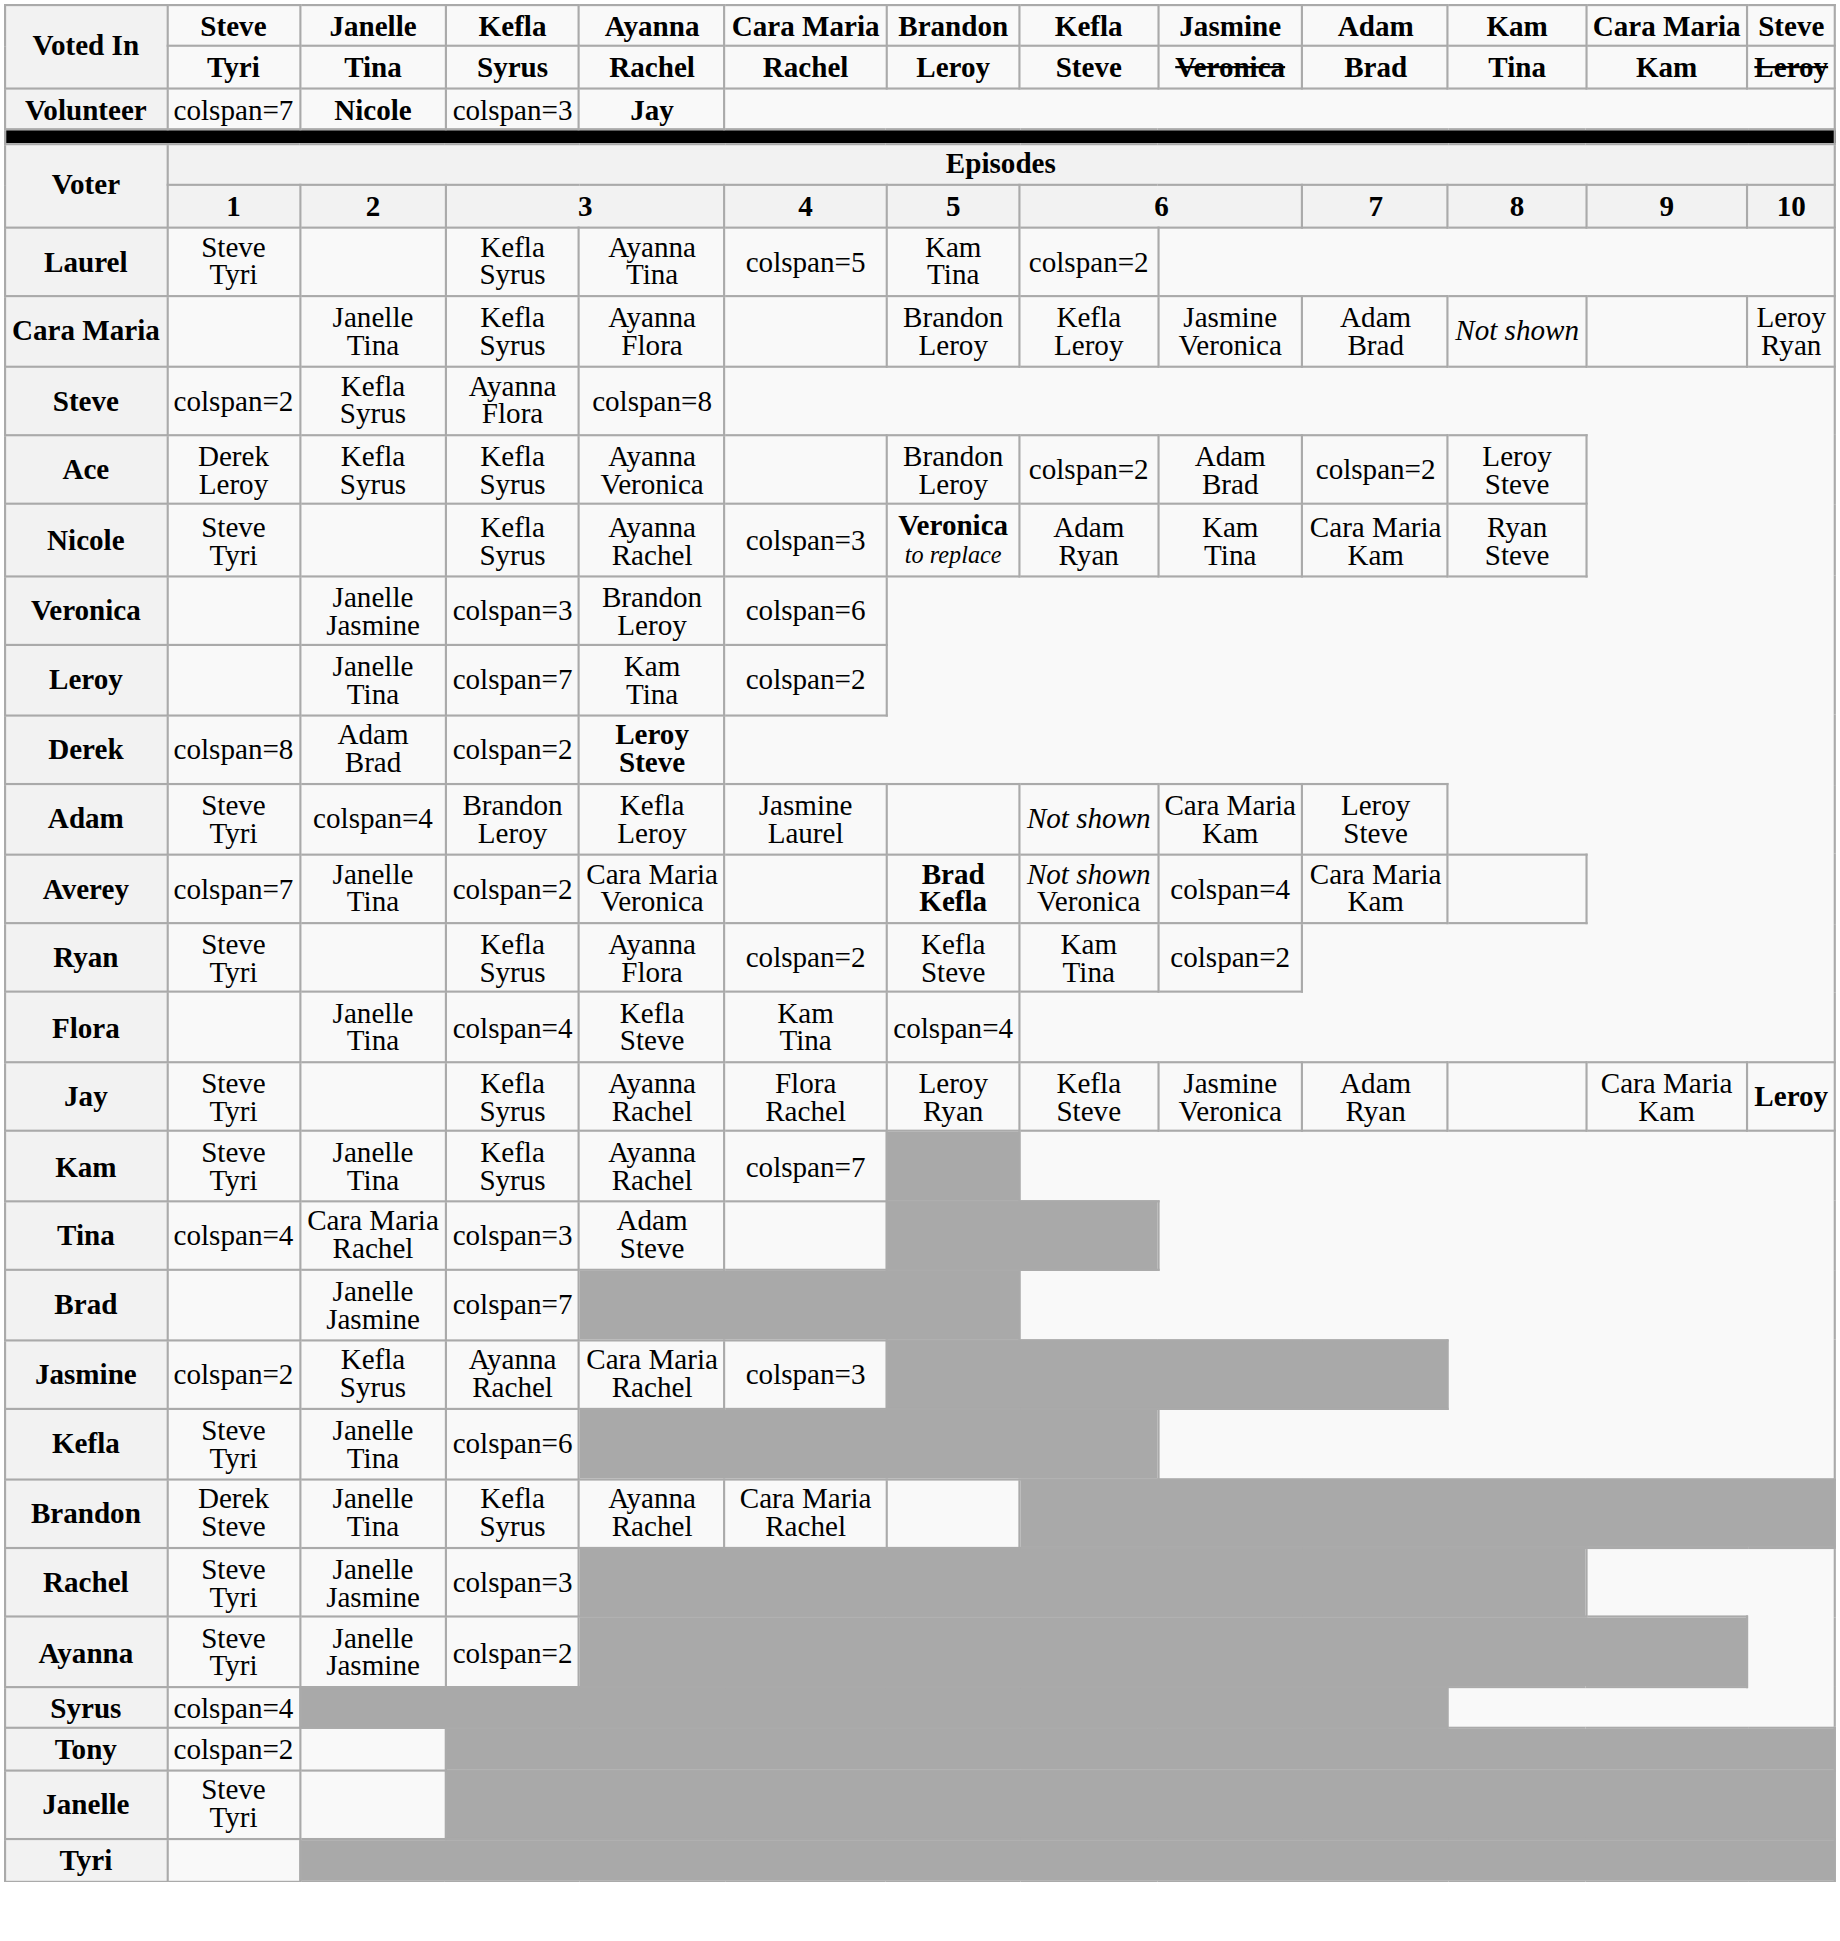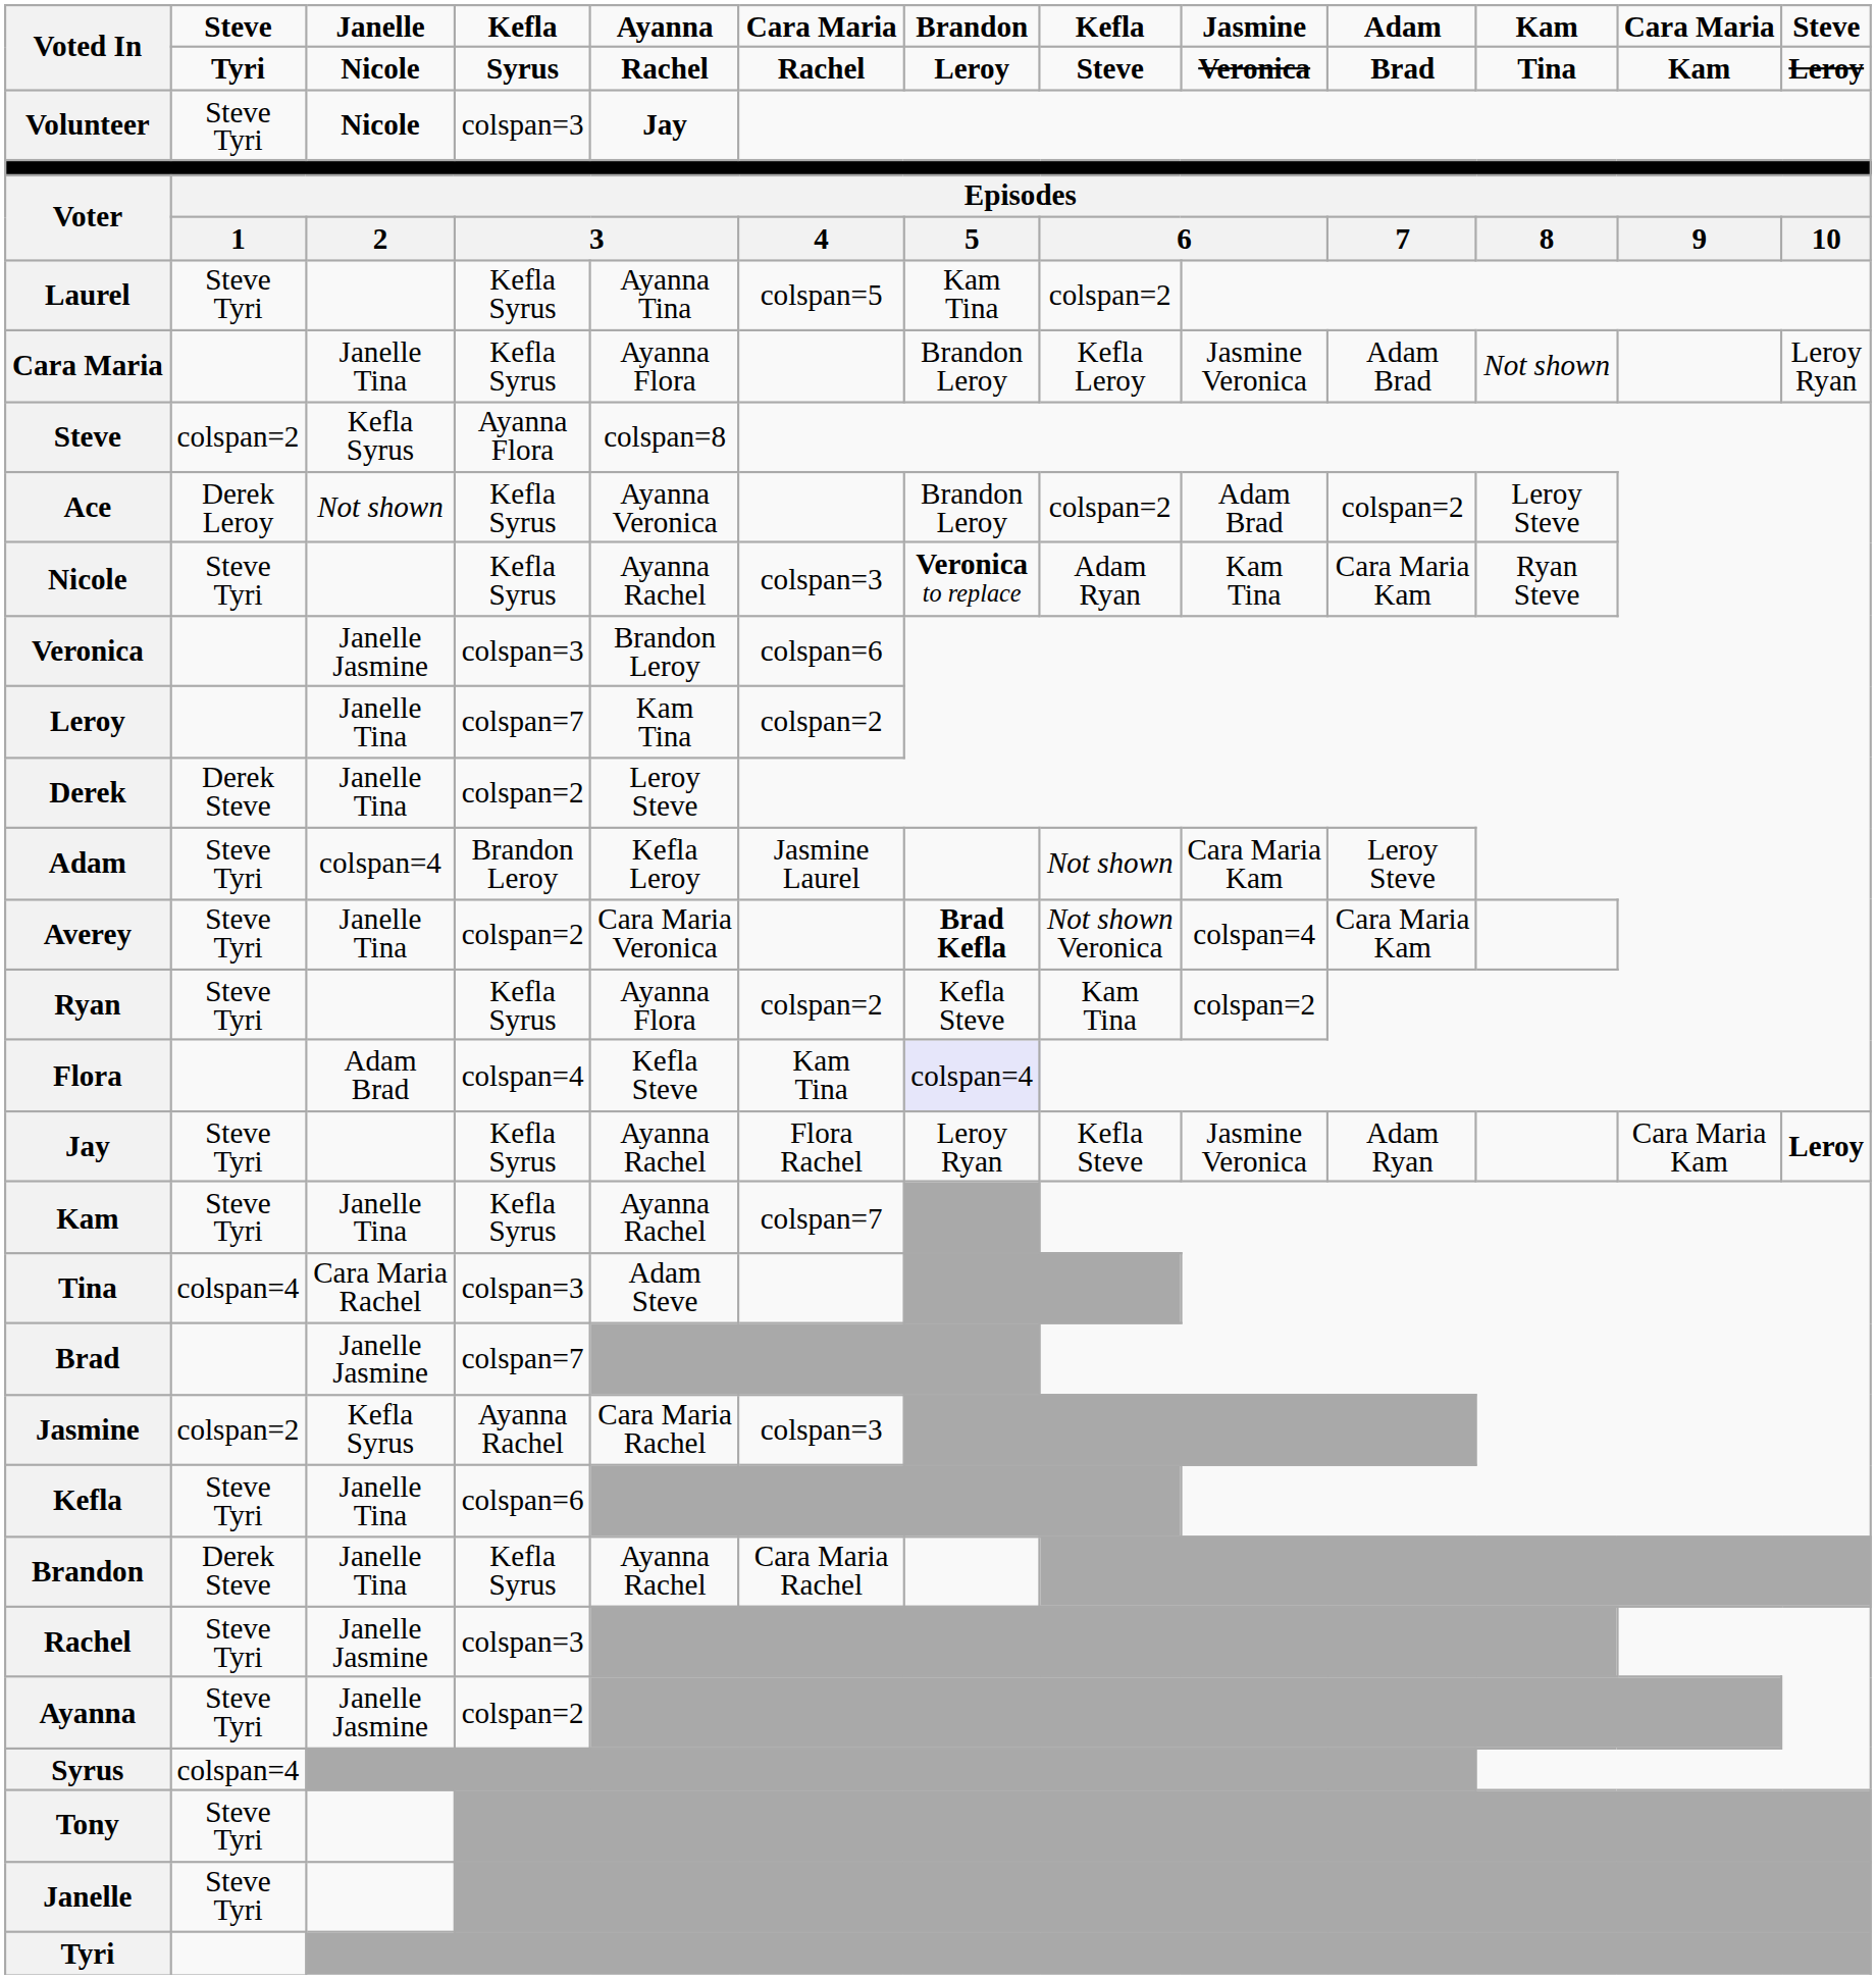 <table class="wikitable" style="text-align:center; line-height:13px; font-size:85%;">
 <tr>
 <th rowspan=2>Voted In</th>
 <td><strong>Steve</strong><br></td>
 <td><strong>Janelle</strong><br></td>
 <td><strong>Kefla</strong><br></td>
 <td><strong>Ayanna</strong><br></td>
 <td nowrap><strong>Cara Maria</strong><br></td>
 <td><strong>Brandon</strong><br></td>
 <td><strong>Kefla</strong><br></td>
 <td><strong>Jasmine</strong><br></td>
 <td><strong>Adam</strong><br></td>
 <td><strong>Kam</strong><br></td>
 <td nowrap><strong>Cara Maria</strong><br></td>
 <td><strong>Steve</strong><br></td>
 </tr>
 <tr>
 <td><strong>Tyri</strong><br></td>
-<td><strong>Tina</strong><br></td>
+<td><strong>Nicole</strong></td>
 <td><strong>Syrus</strong><br></td>
 <td><strong>Rachel</strong><br></td>
 <td><strong>Rachel</strong><br></td>
 <td><strong>Leroy</strong><br></td>
 <td><strong>Steve</strong><br></td>
 <td><s><strong>Veronica</strong><br></s></td>
 <td><strong>Brad</strong><br></td>
 <td><strong>Tina</strong><br></td>
 <td><strong>Kam</strong><br></td>
 <td><s><strong>Leroy</strong><br></s></td>
 </tr>
 <tr>
 <th>Volunteer</th>
-<td>colspan=7 </td>
+<td>Steve <br> Tyri</td>
 <td><strong>Nicole</strong></td>
 <td>colspan=3 </td>
 <td><strong>Jay</strong></td>
 </tr>
 <tr>
 <th colspan="20" style="background:black"></th>
 </tr>
 <tr>
 <th rowspan=2>Voter</th>
 <th colspan="17">Episodes</th>
 </tr>
 <tr>
 <th>1</th>
 <th>2</th>
 <th colspan=2>3</th>
 <th>4</th>
 <th>5</th>
 <th colspan=2>6</th>
 <th>7</th>
 <th>8</th>
 <th>9</th>
 <th>10</th>
 </tr>
 <tr>
 <th>Laurel</th>
 <td>Steve <br> Tyri</td>
 <td></td>
 <td>Kefla <br> Syrus</td>
 <td>Ayanna <br> Tina</td>
 <td>colspan=5 </td>
 <td>Kam<br>Tina</td>
 <td>colspan=2 </td>
 </tr>
 <tr>
 <th nowrap>Cara Maria</th>
 <td></td>
 <td>Janelle <br> Tina</td>
 <td>Kefla <br> Syrus</td>
 <td>Ayanna <br> Flora</td>
 <td></td>
 <td>Brandon <br> Leroy</td>
 <td>Kefla <br> Leroy</td>
 <td>Jasmine <br> Veronica</td>
 <td>Adam<br>Brad</td>
 <td><em>Not shown</em></td>
 <td></td>
 <td>Leroy<br>Ryan</td>
 </tr>
 <tr>
 <th>Steve</th>
 <td>colspan=2 </td>
 <td>Kefla <br> Syrus</td>
 <td>Ayanna <br> Flora</td>
 <td>colspan=8 </td>
 </tr>
 <tr>
 <th>Ace</th>
 <td>Derek <br> Leroy</td>
-<td>Kefla <br> Syrus</td>
+<td nowrap><em>Not shown</em></td>
 <td>Kefla <br> Syrus</td>
 <td>Ayanna <br> Veronica</td>
 <td></td>
 <td>Brandon <br> Leroy</td>
 <td>colspan=2 </td>
 <td>Adam<br>Brad</td>
 <td>colspan=2 </td>
 <td>Leroy<br>Steve</td>
 </tr>
 <tr>
 <th>Nicole</th>
 <td>Steve <br> Tyri</td>
 <td></td>
 <td>Kefla <br> Syrus</td>
 <td>Ayanna <br> Rachel</td>
 <td>colspan=3 </td>
 <td><strong>Veronica</strong><br><small><em>to replace</em></small></td>
 <td>Adam<br>Ryan</td>
 <td>Kam<br>Tina</td>
 <td>Cara Maria <br> Kam</td>
 <td>Ryan<br>Steve</td>
 </tr>
 <tr>
 <th>Veronica</th>
 <td></td>
 <td>Janelle <br> Jasmine</td>
 <td>colspan=3 </td>
 <td>Brandon <br> Leroy</td>
 <td>colspan=6 </td>
 </tr>
 <tr>
 <th>Leroy</th>
 <td></td>
 <td>Janelle <br> Tina</td>
 <td>colspan=7 </td>
 <td>Kam<br>Tina</td>
 <td>colspan=2 </td>
 </tr>
 <tr>
 <th>Derek</th>
-<td>colspan=8 </td>
-<td>Adam<br>Brad</td>
+<td>Derek <br> Steve</td>
+<td>Janelle <br> Tina</td>
 <td>colspan=2 </td>
-<td><strong>Leroy<br>Steve</strong></td>
+<td>Leroy<br>Steve</td>
 </tr>
 <tr>
 <th>Adam</th>
 <td>Steve <br> Tyri</td>
 <td>colspan=4 </td>
 <td>Brandon <br> Leroy</td>
 <td>Kefla <br> Leroy</td>
 <td>Jasmine <br> Laurel</td>
 <td></td>
 <td><em>Not shown</em></td>
 <td>Cara Maria <br> Kam</td>
 <td>Leroy<br>Steve</td>
 </tr>
 <tr>
 <th>Averey</th>
-<td>colspan=7 </td>
+<td>Steve <br> Tyri</td>
 <td>Janelle <br> Tina</td>
 <td>colspan=2 </td>
 <td>Cara Maria<br> Veronica</td>
 <td></td>
 <td><strong>Brad <br> Kefla</strong></td>
 <td nowrap><em>Not shown</em> <br> Veronica</td>
 <td>colspan=4 </td>
 <td>Cara Maria <br> Kam</td>
 <td></td>
 </tr>
 <tr>
 <th>Ryan</th>
 <td>Steve <br> Tyri</td>
 <td></td>
 <td>Kefla <br> Syrus</td>
 <td>Ayanna <br> Flora</td>
 <td>colspan=2 </td>
 <td>Kefla <br> Steve</td>
 <td>Kam <br> Tina</td>
 <td>colspan=2 </td>
 </tr>
 <tr>
 <th>Flora</th>
 <td></td>
-<td>Janelle <br> Tina</td>
+<td>Adam<br>Brad</td>
 <td>colspan=4 </td>
 <td>Kefla <br> Steve</td>
 <td>Kam <br> Tina</td>
-<td>colspan=4 </td>
+<td style="background: lavender;">colspan=4 </td>
 </tr>
 <tr>
 <th>Jay</th>
 <td>Steve <br> Tyri</td>
 <td></td>
 <td>Kefla <br> Syrus</td>
 <td>Ayanna <br> Rachel</td>
 <td>Flora<br> Rachel</td>
 <td>Leroy <br> Ryan</td>
 <td>Kefla <br> Steve</td>
 <td>Jasmine <br> Veronica</td>
 <td>Adam<br>Ryan</td>
 <td></td>
 <td>Cara Maria <br> Kam</td>
 <td><strong>Leroy</strong><br><small></small></td>
 </tr>
 <tr>
 <th>Kam</th>
 <td>Steve <br> Tyri</td>
 <td>Janelle <br> Tina</td>
 <td>Kefla <br> Syrus</td>
 <td>Ayanna <br> Rachel</td>
 <td>colspan=7 </td>
 <td colspan=1 bgcolor="darkgray"></td>
 </tr>
 <tr>
 <th>Tina</th>
 <td>colspan=4 </td>
 <td>Cara Maria<br> Rachel</td>
 <td>colspan=3 </td>
 <td>Adam<br>Steve</td>
 <td></td>
 <td colspan=2 bgcolor="darkgray"></td>
 </tr>
 <tr>
 <th>Brad</th>
 <td></td>
 <td>Janelle <br> Jasmine</td>
 <td>colspan=7 </td>
 <td colspan=3 bgcolor="darkgray"></td>
 </tr>
 <tr>
 <th>Jasmine</th>
 <td>colspan=2 </td>
 <td>Kefla <br> Syrus</td>
 <td>Ayanna <br> Rachel</td>
 <td>Cara Maria<br> Rachel</td>
 <td>colspan=3 </td>
 <td colspan=4 bgcolor="darkgray"></td>
 </tr>
 <tr>
 <th>Kefla</th>
 <td>Steve <br> Tyri</td>
 <td>Janelle <br> Tina</td>
 <td>colspan=6 </td>
 <td colspan=4 bgcolor="darkgray"></td>
 </tr>
 <tr>
 <th>Brandon</th>
 <td>Derek <br> Steve</td>
 <td>Janelle <br> Tina</td>
 <td>Kefla <br> Syrus</td>
 <td>Ayanna <br> Rachel</td>
 <td>Cara Maria<br> Rachel</td>
 <td></td>
 <td colspan=6 bgcolor="darkgray"></td>
 </tr>
 <tr>
 <th>Rachel</th>
 <td>Steve <br> Tyri</td>
 <td>Janelle <br> Jasmine</td>
 <td>colspan=3 </td>
 <td colspan="7" bgcolor="darkgray"></td>
 </tr>
 <tr>
 <th>Ayanna</th>
 <td>Steve <br> Tyri</td>
 <td>Janelle <br> Jasmine</td>
 <td>colspan=2 </td>
 <td colspan="8" bgcolor="darkgray"></td>
 </tr>
 <tr>
 <th>Syrus</th>
 <td>colspan=4 </td>
 <td colspan="8" bgcolor="darkgray"></td>
 </tr>
 <tr>
 <th>Tony</th>
-<td>colspan=2 </td>
+<td>Steve <br> Tyri</td>
 <td></td>
 <td colspan=10 bgcolor="darkgray"></td>
 </tr>
 <tr>
 <th>Janelle</th>
 <td>Steve <br> Tyri</td>
 <td></td>
 <td colspan=10 bgcolor="darkgray"></td>
 </tr>
 <tr>
 <th>Tyri</th>
 <td></td>
 <td colspan=11 bgcolor="darkgray"></td>
 </tr>
 </table>
